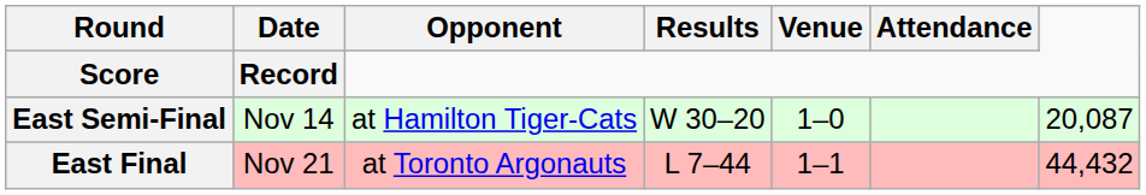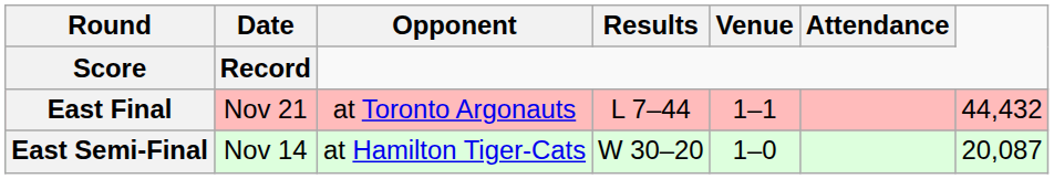 <table class="wikitable" style="text-align:center">
 <tr>
 <th>Round</th>
 <th>Date</th>
 <th>Opponent</th>
 <th>Results</th>
 <th>Venue</th>
 <th>Attendance</th>
 </tr>
 <tr>
 <th>Score</th>
 <th>Record</th>
 </tr>
+<tr style="background:#ffbbbb">
+<th>East Final</th>
+<td>Nov 21</td>
+<td>at <a href='#'>Toronto Argonauts</a></td>
+<td>L 7–44</td>
+<td>1–1</td>
+<td></td>
+<td>44,432</td>
+</tr>
 <tr style="background:#ddffdd">
 <th>East Semi-Final</th>
 <td>Nov 14</td>
 <td>at <a href='#'>Hamilton Tiger-Cats</a></td>
 <td>W 30–20</td>
 <td>1–0</td>
 <td></td>
 <td>20,087</td>
 </tr>
-<tr style="background:#ffbbbb">
-<th>East Final</th>
-<td>Nov 21</td>
-<td>at <a href='#'>Toronto Argonauts</a></td>
-<td>L 7–44</td>
-<td>1–1</td>
-<td></td>
-<td>44,432</td>
-</tr>
 </table>
